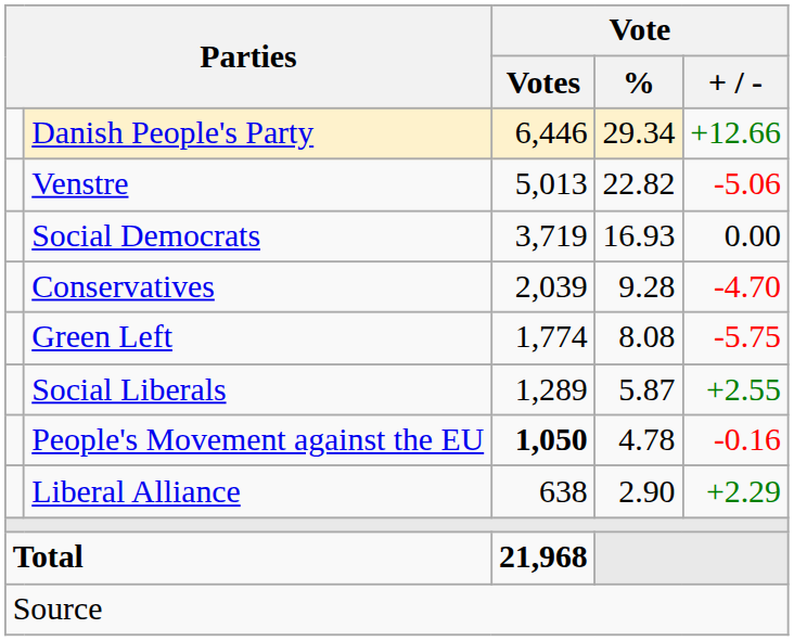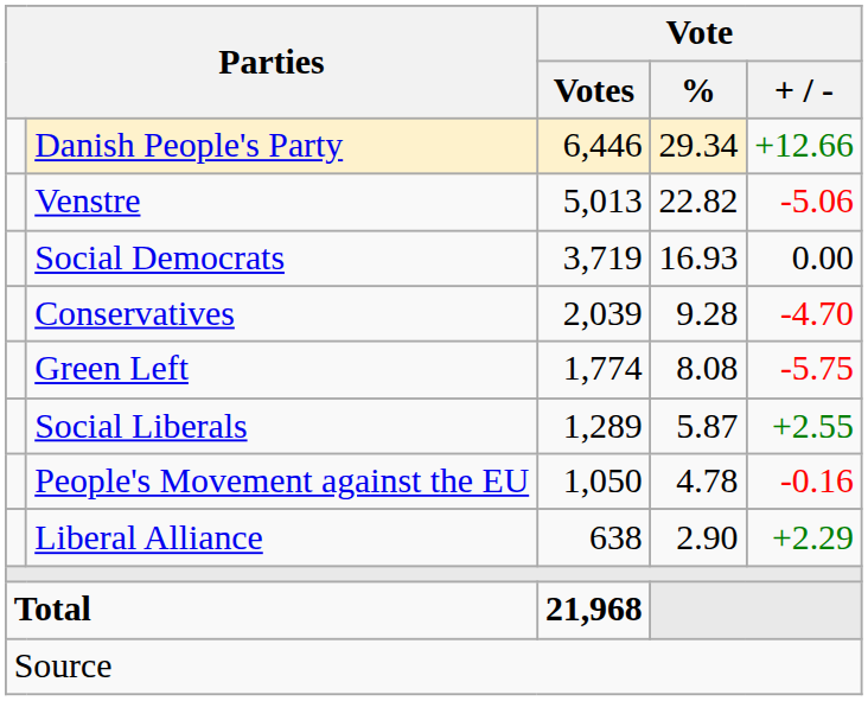 <table class="wikitable" style="text-align:right;">
 <tr>
 <th style="text-align:centre;" rowspan="2" colspan="2" width="225">Parties</th>
 <th colspan="3">Vote</th>
 </tr>
 <tr>
 <th width="15">Votes</th>
 <th width="15">%</th>
 <th width="15">+ / -</th>
 </tr>
 <tr>
 <td width="2" style="color:inherit;background:"></td>
 <td bgcolor=#fef2cc   align="left"><a href='#'>Danish People's Party</a></td>
 <td bgcolor=#fef2cc>6,446</td>
 <td bgcolor=#fef2cc>29.34</td>
 <td style=color:green;>+12.66</td>
 </tr>
 <tr>
 <td width="2" style="color:inherit;background:"></td>
 <td align="left"><a href='#'>Venstre</a></td>
 <td>5,013</td>
 <td>22.82</td>
 <td style=color:red;>-5.06</td>
 </tr>
 <tr>
 <td width="2" style="color:inherit;background:"></td>
 <td align="left"><a href='#'>Social Democrats</a></td>
 <td>3,719</td>
 <td>16.93</td>
 <td>0.00</td>
 </tr>
 <tr>
 <td width="2" style="color:inherit;background:"></td>
 <td align="left"><a href='#'>Conservatives</a></td>
 <td>2,039</td>
 <td>9.28</td>
 <td style=color:red;>-4.70</td>
 </tr>
 <tr>
 <td width="2" style="color:inherit;background:"></td>
 <td align="left"><a href='#'>Green Left</a></td>
 <td>1,774</td>
 <td>8.08</td>
 <td style=color:red;>-5.75</td>
 </tr>
 <tr>
 <td width="2" style="color:inherit;background:"></td>
 <td align="left"><a href='#'>Social Liberals</a></td>
 <td>1,289</td>
 <td>5.87</td>
 <td style=color:green;>+2.55</td>
 </tr>
 <tr>
 <td width="2" style="color:inherit;background:"></td>
 <td align="left"><a href='#'>People's Movement against the EU</a></td>
-<td><strong>1,050</strong></td>
+<td>1,050</td>
 <td>4.78</td>
 <td style=color:red;>-0.16</td>
 </tr>
 <tr>
 <td width="2" style="color:inherit;background:"></td>
 <td align="left"><a href='#'>Liberal Alliance</a></td>
 <td>638</td>
 <td>2.90</td>
 <td style=color:green;>+2.29</td>
 </tr>
 <tr>
 <td colspan="7" bgcolor="#E9E9E9"></td>
 </tr>
 <tr>
 <td align="left" colspan="2"><strong>Total</strong></td>
 <td><strong>21,968</strong></td>
 <td bgcolor="#E9E9E9" colspan="2"></td>
 </tr>
 <tr>
 <td align="left" colspan="6">Source</td>
 </tr>
 </table>
